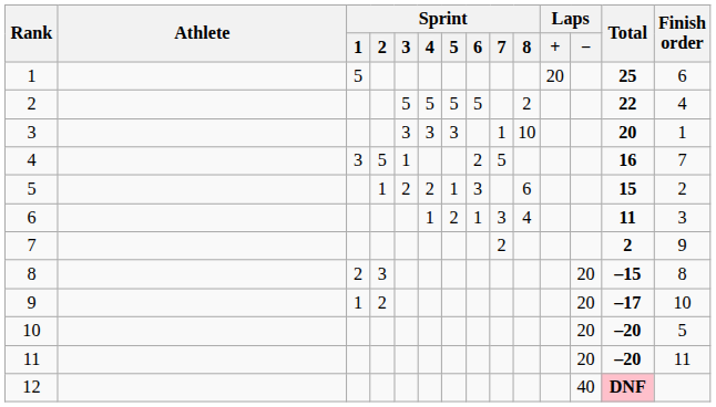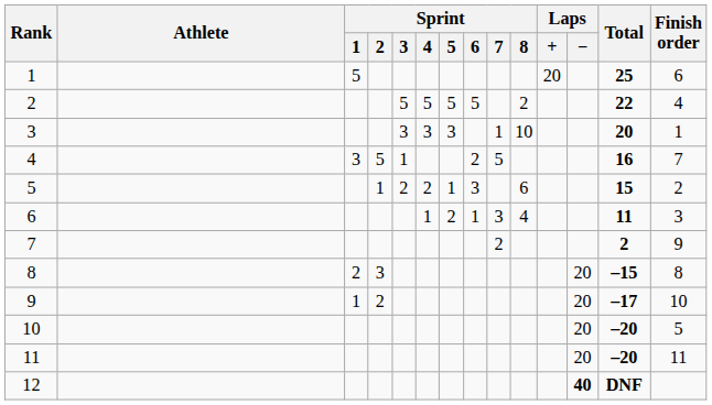 <table class="wikitable" style="text-align:center">
 <tr>
 <th rowspan=2 width=40>Rank</th>
 <th rowspan=2 width=250>Athlete</th>
 <th colspan=8>Sprint</th>
 <th colspan=2>Laps</th>
 <th rowspan=2 width=40>Total</th>
 <th rowspan=2 width=40>Finish order</th>
 </tr>
 <tr>
 <th width=14>1</th>
 <th width=14>2</th>
 <th width=14>3</th>
 <th width=14>4</th>
 <th width=14>5</th>
 <th width=14>6</th>
 <th width=14>7</th>
 <th width=14>8</th>
 <th width=20>+</th>
 <th width=20>−</th>
 </tr>
 <tr>
 <td>1</td>
 <td align=left></td>
 <td>5</td>
 <td></td>
 <td></td>
 <td></td>
 <td></td>
 <td></td>
 <td></td>
 <td></td>
 <td>20</td>
 <td></td>
 <td><strong>25</strong></td>
 <td>6</td>
 </tr>
 <tr>
 <td>2</td>
 <td align=left></td>
 <td></td>
 <td></td>
 <td>5</td>
 <td>5</td>
 <td>5</td>
 <td>5</td>
 <td></td>
 <td>2</td>
 <td></td>
 <td></td>
 <td><strong>22</strong></td>
 <td>4</td>
 </tr>
 <tr>
 <td>3</td>
 <td align=left></td>
 <td></td>
 <td></td>
 <td>3</td>
 <td>3</td>
 <td>3</td>
 <td></td>
 <td>1</td>
 <td>10</td>
 <td></td>
 <td></td>
 <td><strong>20</strong></td>
 <td>1</td>
 </tr>
 <tr>
 <td>4</td>
 <td align=left></td>
 <td>3</td>
 <td>5</td>
 <td>1</td>
 <td></td>
 <td></td>
 <td>2</td>
 <td>5</td>
 <td></td>
 <td></td>
 <td></td>
 <td><strong>16</strong></td>
 <td>7</td>
 </tr>
 <tr>
 <td>5</td>
 <td align=left></td>
 <td></td>
 <td>1</td>
 <td>2</td>
 <td>2</td>
 <td>1</td>
 <td>3</td>
 <td></td>
 <td>6</td>
 <td></td>
 <td></td>
 <td><strong>15</strong></td>
 <td>2</td>
 </tr>
 <tr>
 <td>6</td>
 <td align=left></td>
 <td></td>
 <td></td>
 <td></td>
 <td>1</td>
 <td>2</td>
 <td>1</td>
 <td>3</td>
 <td>4</td>
 <td></td>
 <td></td>
 <td><strong>11</strong></td>
 <td>3</td>
 </tr>
 <tr>
 <td>7</td>
 <td align=left></td>
 <td></td>
 <td></td>
 <td></td>
 <td></td>
 <td></td>
 <td></td>
 <td>2</td>
 <td></td>
 <td></td>
 <td></td>
 <td><strong>2</strong></td>
 <td>9</td>
 </tr>
 <tr>
 <td>8</td>
 <td align=left></td>
 <td>2</td>
 <td>3</td>
 <td></td>
 <td></td>
 <td></td>
 <td></td>
 <td></td>
 <td></td>
 <td></td>
 <td>20</td>
 <td><strong>–15</strong></td>
 <td>8</td>
 </tr>
 <tr>
 <td>9</td>
 <td align=left></td>
 <td>1</td>
 <td>2</td>
 <td></td>
 <td></td>
 <td></td>
 <td></td>
 <td></td>
 <td></td>
 <td></td>
 <td>20</td>
 <td><strong>–17</strong></td>
 <td>10</td>
 </tr>
 <tr>
 <td>10</td>
 <td align=left></td>
 <td></td>
 <td></td>
 <td></td>
 <td></td>
 <td></td>
 <td></td>
 <td></td>
 <td></td>
 <td></td>
 <td>20</td>
 <td><strong>–20</strong></td>
 <td>5</td>
 </tr>
 <tr>
 <td>11</td>
 <td align=left></td>
 <td></td>
 <td></td>
 <td></td>
 <td></td>
 <td></td>
 <td></td>
 <td></td>
 <td></td>
 <td></td>
 <td>20</td>
 <td><strong>–20</strong></td>
 <td>11</td>
 </tr>
 <tr>
 <td>12</td>
 <td align=left></td>
 <td></td>
 <td></td>
 <td></td>
 <td></td>
 <td></td>
 <td></td>
 <td></td>
 <td></td>
 <td></td>
-<td>40</td>
-<td style="background: pink;"><strong>DNF</strong></td>
+<td><strong>40</strong></td>
+<td><strong>DNF</strong></td>
 <td></td>
 </tr>
 </table>
